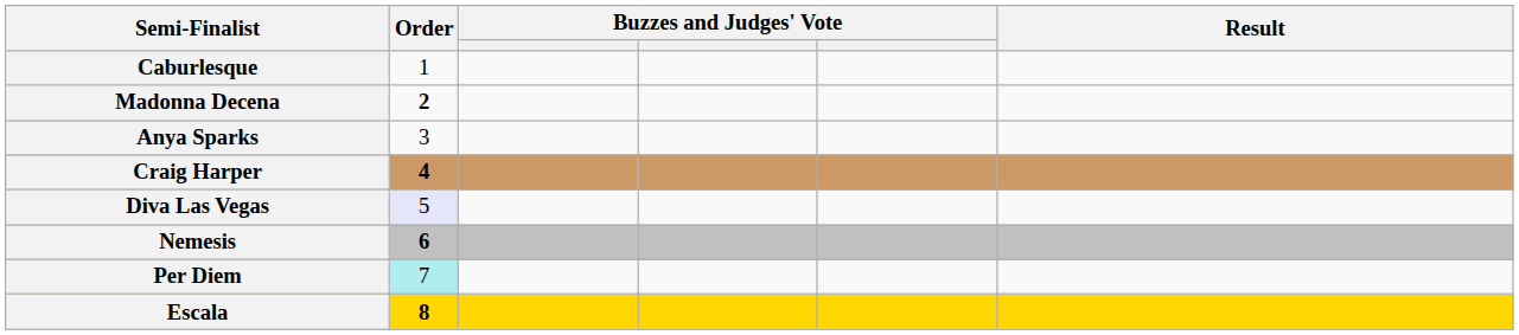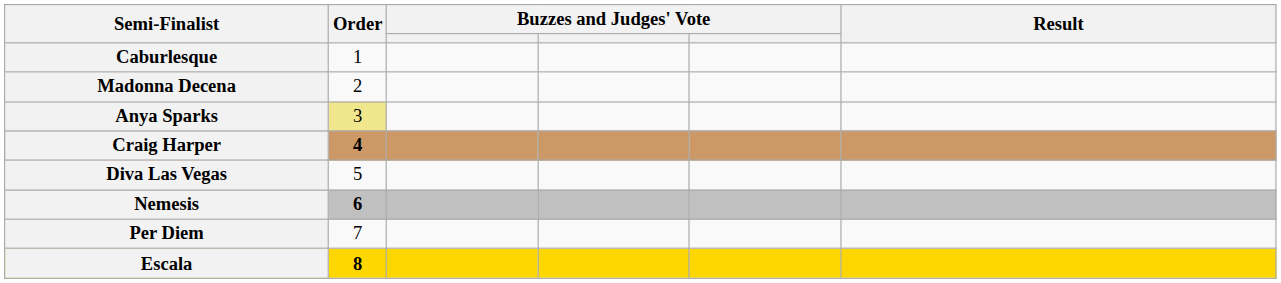 <table class="wikitable plainrowheaders sortable" style="text-align:center;">
 <tr>
 <th scope="col" rowspan="2" class="unsortable" style="width:17em;">Semi-Finalist</th>
 <th scope="col" rowspan="2" style="width:1em;">Order</th>
 <th scope="col" colspan="3" class="unsortable" style="width:24em;">Buzzes and Judges' Vote</th>
 <th scope="col" rowspan="2" style="width:23em;">Result</th>
 </tr>
 <tr>
 <th scope="col" class="unsortable" style="width:6em;"></th>
 <th scope="col" class="unsortable" style="width:6em;"></th>
 <th scope="col" class="unsortable" style="width:6em;"></th>
 </tr>
 <tr>
 <th scope="row">Caburlesque</th>
 <td>1</td>
 <td style="text-align:center;"></td>
 <td style="text-align:center;"></td>
 <td style="text-align:center;"></td>
 <td></td>
 </tr>
 <tr>
 <th scope="row">Madonna Decena</th>
-<td><strong>2</strong></td>
+<td>2</td>
 <td style="text-align:center;"></td>
 <td style="text-align:center;"></td>
 <td style="text-align:center;"></td>
 <td></td>
 </tr>
 <tr>
 <th scope="row">Anya Sparks</th>
-<td>3</td>
+<td style="background: khaki;">3</td>
 <td style="text-align:center;"></td>
 <td style="text-align:center;"></td>
 <td style="text-align:center;"></td>
 <td></td>
 </tr>
 <tr bgcolor=#c96>
 <th scope="row"><strong>Craig Harper</strong></th>
 <td><strong>4</strong></td>
 <td style="text-align:center;"></td>
 <td style="text-align:center;"></td>
 <td style="text-align:center;"></td>
 <td><strong></strong></td>
 </tr>
 <tr>
 <th scope="row">Diva Las Vegas</th>
-<td style="background: lavender;">5</td>
+<td>5</td>
 <td style="text-align:center;"></td>
 <td style="text-align:center;"></td>
 <td style="text-align:center;"></td>
 <td></td>
 </tr>
 <tr bgcolor=silver>
 <th scope="row"><strong>Nemesis</strong></th>
 <td><strong>6</strong></td>
 <td style="text-align:center;"></td>
 <td style="text-align:center;"></td>
 <td style="text-align:center;"></td>
 <td><strong></strong></td>
 </tr>
 <tr>
 <th scope="row">Per Diem</th>
-<td style="background: paleturquoise;">7</td>
+<td>7</td>
 <td style="text-align:center;"></td>
 <td style="text-align:center;"></td>
 <td style="text-align:center;"></td>
 <td></td>
 </tr>
 <tr bgcolor=gold>
 <th scope="row"><strong>Escala</strong></th>
 <td><strong>8</strong></td>
 <td style="text-align:center;"></td>
 <td style="text-align:center;"></td>
 <td style="text-align:center;"></td>
 <td><strong></strong></td>
 </tr>
 </table>
